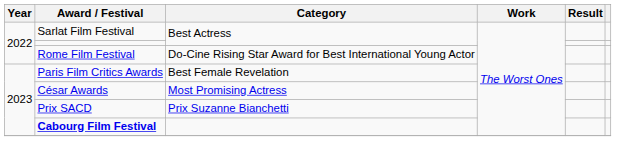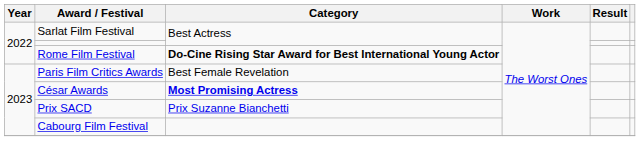 <table class="wikitable sortable plainrowheaders">
 <tr>
 <th>Year</th>
 <th>Award / Festival</th>
 <th>Category</th>
 <th>Work</th>
 <th>Result</th>
 <th scope="col" class="unsortable"></th>
 </tr>
 <tr>
 <td align="center" rowspan="3">2022</td>
 <td>Sarlat Film Festival</td>
 <td rowspan="2">Best Actress</td>
 <td rowspan="7"><em><a href='#'>The Worst Ones</a></em></td>
 <td></td>
 <td></td>
 </tr>
 <tr>
 <td></td>
 <td></td>
 <td></td>
 </tr>
 <tr>
 <td><a href='#'>Rome Film Festival</a></td>
-<td>Do-Cine Rising Star Award for Best International Young Actor</td>
+<td><strong>Do-Cine Rising Star Award for Best International Young Actor</strong></td>
 <td></td>
 <td></td>
 </tr>
 <tr>
 <td align="center" rowspan="4">2023</td>
 <td><a href='#'>Paris Film Critics Awards</a></td>
 <td>Best Female Revelation</td>
 <td></td>
 <td></td>
 </tr>
 <tr>
 <td><a href='#'>César Awards</a></td>
-<td><a href='#'>Most Promising Actress</a></td>
+<td><strong><a href='#'>Most Promising Actress</a></strong></td>
 <td></td>
 <td></td>
 </tr>
 <tr>
 <td><a href='#'>Prix SACD</a></td>
 <td><a href='#'>Prix Suzanne Bianchetti</a></td>
 <td></td>
 <td></td>
 </tr>
 <tr>
-<td><strong><a href='#'>Cabourg Film Festival</a></strong></td>
+<td><a href='#'>Cabourg Film Festival</a></td>
 <td></td>
 <td></td>
 <td></td>
 </tr>
 <tr>
 </tr>
 </table>
